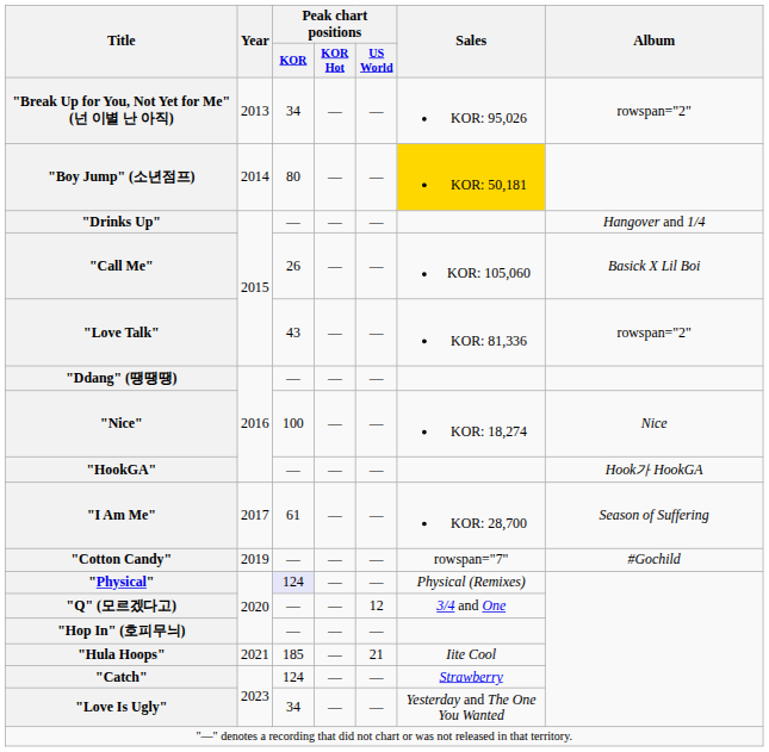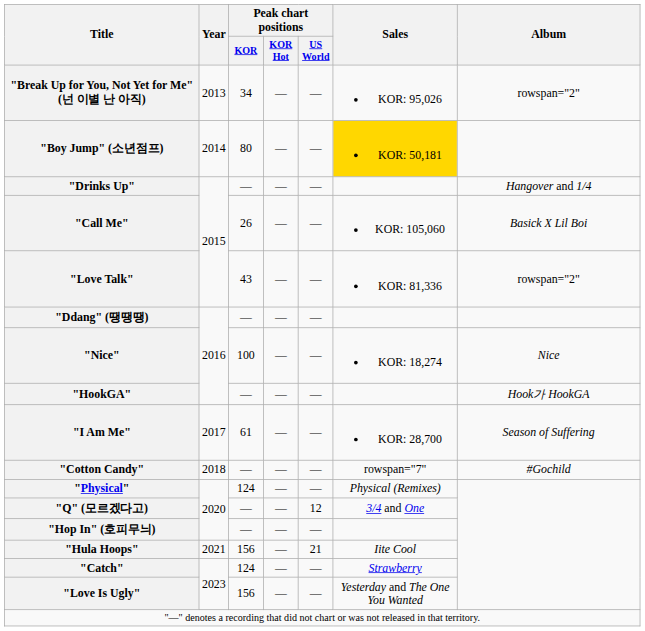 <table class="wikitable plainrowheaders" style="text-align:center;">
 <tr>
 <th scope="col" rowspan="2" style="width:16em;">Title</th>
 <th scope="col" rowspan="2" style="width:1em;">Year</th>
 <th scope="col" colspan="3" style="width:5em;">Peak chart positions</th>
 <th scope="col" rowspan="2" style="width:10em;">Sales</th>
 <th scope="col" rowspan="2" style="width:15em;">Album</th>
 </tr>
 <tr>
 <th scope="col" style="width:3em;font-size:85%;"><a href='#'>KOR</a><br></th>
 <th scope="col" style="width:3em;font-size:85%;"><a href='#'>KOR<br>Hot</a><br></th>
 <th scope="col" style="width:3em;font-size:85%;"><a href='#'>US World</a><br></th>
 </tr>
 <tr>
 <th scope="row">"Break Up for You, Not Yet for Me" (넌 이별 난 아직)<br></th>
 <td>2013</td>
 <td>34</td>
 <td>—</td>
 <td>—</td>
 <td><br><ul><li>KOR: 95,026</li></ul></td>
 <td>rowspan="2" </td>
 </tr>
 <tr>
 <th scope="row">"Boy Jump" (소년점프)<br></th>
 <td>2014</td>
 <td>80</td>
 <td>—</td>
 <td>—</td>
 <td style="background: gold;"><br><ul><li>KOR: 50,181</li></ul></td>
 </tr>
 <tr>
 <th scope="row">"Drinks Up"<br></th>
 <td rowspan="3">2015</td>
 <td>—</td>
 <td>—</td>
 <td>—</td>
 <td></td>
 <td><em>Hangover</em> and <em>1/4</em></td>
 </tr>
 <tr>
 <th scope="row">"Call Me" <br></th>
 <td>26</td>
 <td>—</td>
 <td>—</td>
 <td><br><ul><li>KOR: 105,060</li></ul></td>
 <td><em>Basick X Lil Boi</em></td>
 </tr>
 <tr>
 <th scope="row">"Love Talk"<br></th>
 <td>43</td>
 <td>—</td>
 <td>—</td>
 <td><br><ul><li>KOR: 81,336</li></ul></td>
 <td>rowspan="2" </td>
 </tr>
 <tr>
 <th scope="row">"Ddang" (땡땡땡)<br></th>
 <td rowspan="3">2016</td>
 <td>—</td>
 <td>—</td>
 <td>—</td>
 <td></td>
 </tr>
 <tr>
 <th scope="row">"Nice"<br></th>
 <td>100</td>
 <td>—</td>
 <td>—</td>
 <td><br><ul><li>KOR: 18,274</li></ul></td>
 <td><em>Nice</em></td>
 </tr>
 <tr>
 <th scope="row">"HookGA"<br></th>
 <td>—</td>
 <td>—</td>
 <td>—</td>
 <td></td>
 <td><em>Hook가 HookGA</em></td>
 </tr>
 <tr>
 <th scope="row">"I Am Me"<br></th>
 <td>2017</td>
 <td>61</td>
 <td>—</td>
 <td>—</td>
 <td><br><ul><li>KOR: 28,700</li></ul></td>
 <td><em>Season of Suffering</em></td>
 </tr>
 <tr>
 <th scope="row">"Cotton Candy"<br></th>
-<td>2019</td>
+<td>2018</td>
 <td>—</td>
 <td>—</td>
 <td>—</td>
 <td>rowspan="7" </td>
 <td><em>#Gochild</em></td>
 </tr>
 <tr>
 <th scope="row">"<a href='#'>Physical</a>"<br></th>
 <td rowspan="3">2020</td>
-<td style="background: lavender;">124</td>
+<td>124</td>
 <td>—</td>
 <td>—</td>
 <td><em>Physical (Remixes)</em></td>
 </tr>
 <tr>
 <th scope="row">"Q" (모르겠다고) <br></th>
 <td>—</td>
 <td>—</td>
 <td>12</td>
 <td><em><a href='#'>3/4</a></em> and <em><a href='#'>One</a></em></td>
 </tr>
 <tr>
 <th scope="row">"Hop In" (호피무늬) <br></th>
 <td>—</td>
 <td>—</td>
 <td>—</td>
 <td></td>
 </tr>
 <tr>
 <th scope="row">"Hula Hoops" <br></th>
 <td>2021</td>
-<td>185</td>
+<td>156</td>
 <td>—</td>
 <td>21</td>
 <td><em>Iite Cool</em></td>
 </tr>
 <tr>
 <th scope="row">"Catch"<br></th>
 <td rowspan="2">2023</td>
 <td>124</td>
 <td>—</td>
 <td>—</td>
 <td><em><a href='#'>Strawberry</a></em></td>
 </tr>
 <tr>
 <th scope="row">"Love Is Ugly"<br></th>
-<td>34</td>
+<td>156</td>
 <td>—</td>
 <td>—</td>
 <td><em>Yesterday</em> and <em>The One You Wanted</em></td>
 </tr>
 <tr>
 <td colspan="15" style="font-size:85%">"—" denotes a recording that did not chart or was not released in that territory.</td>
 </tr>
 </table>
